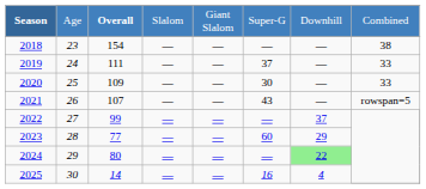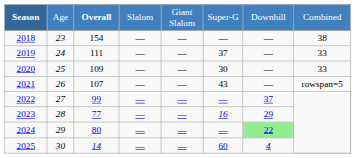 <table class="wikitable" style="font-size:95%; text-align:center; border:grey solid 1px; border-collapse:collapse;" width="45%">
 <tr style="background-color:#369; color:white;">
 <td rowspan="2" colspan="1" width="5%"><strong>Season</strong></td>
 </tr>
 <tr style="background-color:#4180be; color:white;">
 <td width="3%">Age</td>
 <td width="5%"><strong>Overall</strong></td>
 <td width="5%">Slalom</td>
 <td width="5%">Giant<br>Slalom</td>
 <td width="5%">Super-G</td>
 <td width="5%">Downhill</td>
 <td width="5%">Combined</td>
 </tr>
 <tr style="background-color:#8CB2D8; color:white;">
 </tr>
 <tr>
 <td><a href='#'>2018</a></td>
 <td><em>23</em></td>
 <td>154</td>
 <td>—</td>
 <td>—</td>
 <td>—</td>
 <td>—</td>
 <td>38</td>
 </tr>
 <tr>
 <td><a href='#'>2019</a></td>
 <td><em>24</em></td>
 <td>111</td>
 <td>—</td>
 <td>—</td>
 <td>37</td>
 <td>—</td>
 <td>33</td>
 </tr>
 <tr>
 <td><a href='#'>2020</a></td>
 <td><em>25</em></td>
 <td>109</td>
 <td>—</td>
 <td>—</td>
 <td>30</td>
 <td>—</td>
 <td>33</td>
 </tr>
 <tr>
 <td><a href='#'>2021</a></td>
 <td><em>26</em></td>
 <td>107</td>
 <td>—</td>
 <td>—</td>
 <td>43</td>
 <td>—</td>
 <td>rowspan=5 </td>
 </tr>
 <tr>
 <td><a href='#'>2022</a></td>
 <td><em>27</em></td>
 <td><a href='#'>99</a></td>
 <td><a href='#'>—</a></td>
 <td><a href='#'>—</a></td>
 <td><a href='#'>—</a></td>
 <td><a href='#'>37</a></td>
 </tr>
 <tr>
 <td><a href='#'>2023</a></td>
 <td><em>28</em></td>
 <td><a href='#'>77</a></td>
 <td><a href='#'>—</a></td>
 <td><a href='#'>—</a></td>
-<td><a href='#'>60</a></td>
+<td><a href='#'><em>16</em></a></td>
 <td><a href='#'>29</a></td>
 </tr>
 <tr>
 <td><a href='#'>2024</a></td>
 <td><em>29</em></td>
 <td><a href='#'>80</a></td>
 <td><a href='#'>—</a></td>
 <td><a href='#'>—</a></td>
 <td><a href='#'>—</a></td>
 <td style="background: lightgreen;"><a href='#'>22</a></td>
 </tr>
 <tr>
 <td><a href='#'>2025</a></td>
 <td><em>30</em></td>
 <td><a href='#'><em>14</em></a></td>
 <td><a href='#'>—</a></td>
 <td><a href='#'>—</a></td>
-<td><a href='#'><em>16</em></a></td>
+<td><a href='#'>60</a></td>
 <td><a href='#'><em>4</em></a></td>
 </tr>
 </table>
